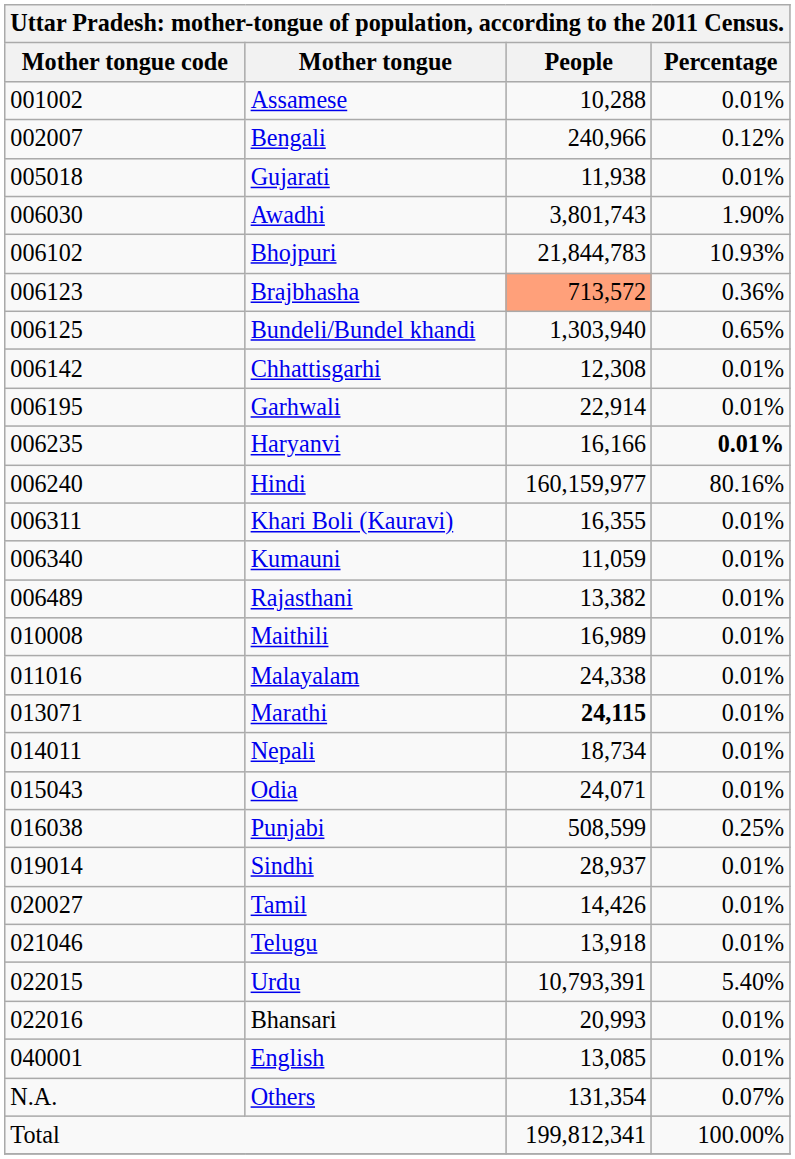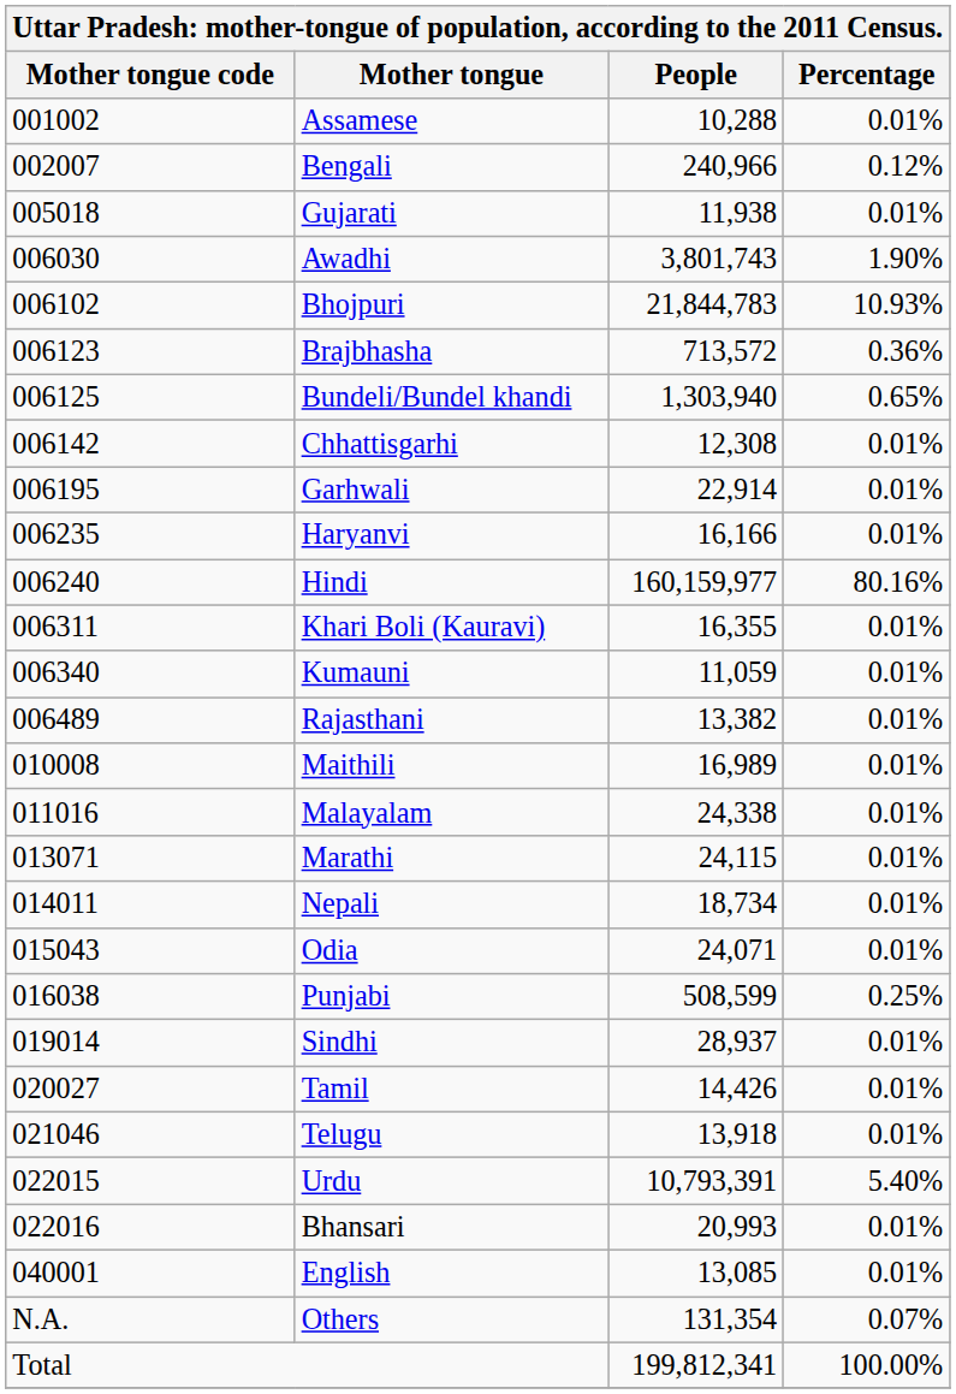 <table class="wikitable sortable mw-collapsible">
 <tr style="vertical-align:top;">
 <th colspan=4>Uttar Pradesh: mother-tongue of population, according to the 2011 Census.</th>
 </tr>
 <tr style="vertical-align:top;">
 <th>Mother tongue code</th>
 <th>Mother tongue</th>
 <th>People</th>
 <th>Percentage</th>
 </tr>
 <tr style="vertical-align:top;">
 <td>001002</td>
 <td><a href='#'>Assamese</a></td>
 <td style="text-align:right;">10,288</td>
 <td style="text-align:right;">0.01%</td>
 </tr>
 <tr style="vertical-align:top;">
 <td>002007</td>
 <td><a href='#'>Bengali</a></td>
 <td style="text-align:right;">240,966</td>
 <td style="text-align:right;">0.12%</td>
 </tr>
 <tr style="vertical-align:top;">
 <td>005018</td>
 <td><a href='#'>Gujarati</a></td>
 <td style="text-align:right;">11,938</td>
 <td style="text-align:right;">0.01%</td>
 </tr>
 <tr style="vertical-align:top;">
 <td>006030</td>
 <td><a href='#'>Awadhi</a></td>
 <td style="text-align:right;">3,801,743</td>
 <td style="text-align:right;">1.90%</td>
 </tr>
 <tr style="vertical-align:top;">
 <td>006102</td>
 <td><a href='#'>Bhojpuri</a></td>
 <td style="text-align:right;">21,844,783</td>
 <td style="text-align:right;">10.93%</td>
 </tr>
 <tr style="vertical-align:top;">
 <td>006123</td>
 <td><a href='#'>Brajbhasha</a></td>
-<td style="background: lightsalmon; text-align:right;">713,572</td>
+<td style="text-align:right;">713,572</td>
 <td style="text-align:right;">0.36%</td>
 </tr>
 <tr style="vertical-align:top;">
 <td>006125</td>
 <td><a href='#'>Bundeli/Bundel khandi</a></td>
 <td style="text-align:right;">1,303,940</td>
 <td style="text-align:right;">0.65%</td>
 </tr>
 <tr style="vertical-align:top;">
 <td>006142</td>
 <td><a href='#'>Chhattisgarhi</a></td>
 <td style="text-align:right;">12,308</td>
 <td style="text-align:right;">0.01%</td>
 </tr>
 <tr style="vertical-align:top;">
 <td>006195</td>
 <td><a href='#'>Garhwali</a></td>
 <td style="text-align:right;">22,914</td>
 <td style="text-align:right;">0.01%</td>
 </tr>
 <tr style="vertical-align:top;">
 <td>006235</td>
 <td><a href='#'>Haryanvi</a></td>
 <td style="text-align:right;">16,166</td>
-<td style="text-align:right;"><strong>0.01%</strong></td>
+<td style="text-align:right;">0.01%</td>
 </tr>
 <tr style="vertical-align:top;">
 <td>006240</td>
 <td><a href='#'>Hindi</a></td>
 <td style="text-align:right;">160,159,977</td>
 <td style="text-align:right;">80.16%</td>
 </tr>
 <tr style="vertical-align:top;">
 <td>006311</td>
 <td><a href='#'>Khari Boli (Kauravi)</a></td>
 <td style="text-align:right;">16,355</td>
 <td style="text-align:right;">0.01%</td>
 </tr>
 <tr style="vertical-align:top;">
 <td>006340</td>
 <td><a href='#'>Kumauni</a></td>
 <td style="text-align:right;">11,059</td>
 <td style="text-align:right;">0.01%</td>
 </tr>
 <tr style="vertical-align:top;">
 <td>006489</td>
 <td><a href='#'>Rajasthani</a></td>
 <td style="text-align:right;">13,382</td>
 <td style="text-align:right;">0.01%</td>
 </tr>
 <tr style="vertical-align:top;">
 <td>010008</td>
 <td><a href='#'>Maithili</a></td>
 <td style="text-align:right;">16,989</td>
 <td style="text-align:right;">0.01%</td>
 </tr>
 <tr style="vertical-align:top;">
 <td>011016</td>
 <td><a href='#'>Malayalam</a></td>
 <td style="text-align:right;">24,338</td>
 <td style="text-align:right;">0.01%</td>
 </tr>
 <tr style="vertical-align:top;">
 <td>013071</td>
 <td><a href='#'>Marathi</a></td>
-<td style="text-align:right;"><strong>24,115</strong></td>
+<td style="text-align:right;">24,115</td>
 <td style="text-align:right;">0.01%</td>
 </tr>
 <tr style="vertical-align:top;">
 <td>014011</td>
 <td><a href='#'>Nepali</a></td>
 <td style="text-align:right;">18,734</td>
 <td style="text-align:right;">0.01%</td>
 </tr>
 <tr style="vertical-align:top;">
 <td>015043</td>
 <td><a href='#'>Odia</a></td>
 <td style="text-align:right;">24,071</td>
 <td style="text-align:right;">0.01%</td>
 </tr>
 <tr style="vertical-align:top;">
 <td>016038</td>
 <td><a href='#'>Punjabi</a></td>
 <td style="text-align:right;">508,599</td>
 <td style="text-align:right;">0.25%</td>
 </tr>
 <tr style="vertical-align:top;">
 <td>019014</td>
 <td><a href='#'>Sindhi</a></td>
 <td style="text-align:right;">28,937</td>
 <td style="text-align:right;">0.01%</td>
 </tr>
 <tr style="vertical-align:top;">
 <td>020027</td>
 <td><a href='#'>Tamil</a></td>
 <td style="text-align:right;">14,426</td>
 <td style="text-align:right;">0.01%</td>
 </tr>
 <tr style="vertical-align:top;">
 <td>021046</td>
 <td><a href='#'>Telugu</a></td>
 <td style="text-align:right;">13,918</td>
 <td style="text-align:right;">0.01%</td>
 </tr>
 <tr style="vertical-align:top;">
 <td>022015</td>
 <td><a href='#'>Urdu</a></td>
 <td style="text-align:right;">10,793,391</td>
 <td style="text-align:right;">5.40%</td>
 </tr>
 <tr style="vertical-align:top;">
 <td>022016</td>
 <td>Bhansari</td>
 <td style="text-align:right;">20,993</td>
 <td style="text-align:right;">0.01%</td>
 </tr>
 <tr style="vertical-align:top;">
 <td>040001</td>
 <td><a href='#'>English</a></td>
 <td style="text-align:right;">13,085</td>
 <td style="text-align:right;">0.01%</td>
 </tr>
 <tr style="vertical-align:top;">
 <td>N.A.</td>
 <td><a href='#'>Others</a></td>
 <td style="text-align:right;">131,354</td>
 <td style="text-align:right;">0.07%</td>
 </tr>
 <tr style="vertical-align:top;" class="sortbottom">
 <td colspan=2>Total</td>
 <td style="text-align:right;">199,812,341</td>
 <td style="text-align:right;">100.00%</td>
 </tr>
 <tr>
 </tr>
 </table>
